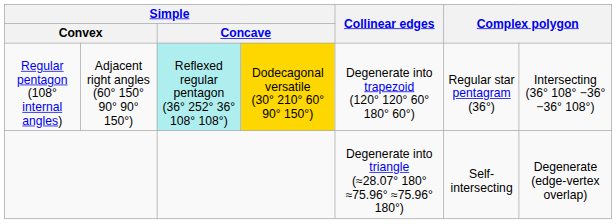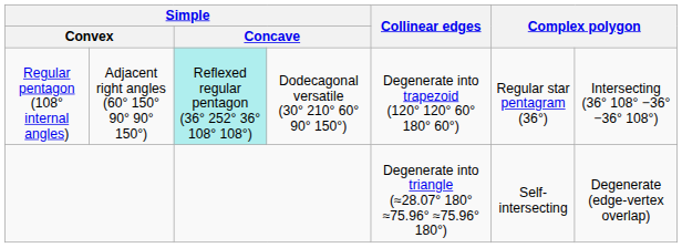 <table class=wikitable width=800>
 <tr>
 <th colspan=4><a href='#'>Simple</a></th>
 <th rowspan=2><a href='#'>Collinear edges</a></th>
 <th colspan=2 rowspan=2><a href='#'>Complex polygon</a></th>
 </tr>
 <tr align=center>
 <th colspan=2>Convex</th>
 <th colspan=2><a href='#'>Concave</a></th>
 </tr>
 <tr align=center>
 <td><br><a href='#'>Regular pentagon</a><br>(108° <a href='#'>internal angles</a>)</td>
 <td><br>Adjacent right angles<br>(60° 150° 90° 90° 150°)</td>
 <td style="background: paleturquoise;"><br>Reflexed regular pentagon<br>(36° 252° 36° 108° 108°)</td>
-<td style="background: gold;"><br>Dodecagonal versatile<br>(30° 210° 60° 90° 150°)</td>
+<td><br>Dodecagonal versatile<br>(30° 210° 60° 90° 150°)</td>
 <td><br>Degenerate into <a href='#'>trapezoid</a><br>(120° 120° 60° 180° 60°)</td>
 <td><br>Regular star<br><a href='#'>pentagram</a><br>(36°)</td>
 <td><br>Intersecting<br>(36° 108° −36° −36° 108°)</td>
 </tr>
 <tr align=center>
 <td colspan=2></td>
 <td colspan=2></td>
 <td><br>Degenerate into <a href='#'>triangle</a><br>(≈28.07° 180° ≈75.96° ≈75.96° 180°)</td>
 <td><br>Self-intersecting</td>
 <td><br>Degenerate<br>(edge-vertex overlap)</td>
 </tr>
 </table>
